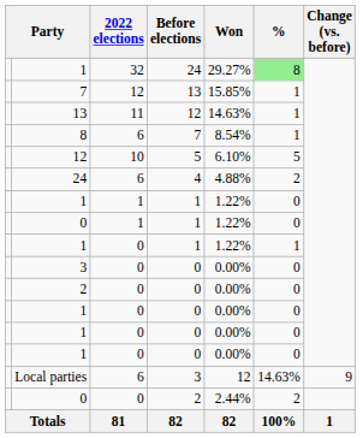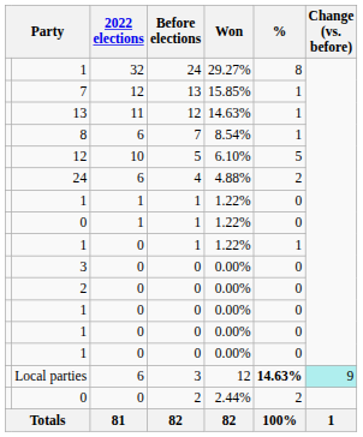 <table class=wikitable style="text-align:right">
 <tr>
 <th colspan=2>Party</th>
 <th width=50px><a href='#'>2022 elections</a></th>
 <th width=50px>Before elections</th>
 <th width="50px">Won</th>
 <th width=50px>%</th>
 <th width=50px>Change (vs. before)</th>
 </tr>
 <tr>
 <td></td>
 <td>1</td>
 <td>32</td>
 <td>24</td>
 <td>29.27%</td>
-<td style="background: lightgreen;"> 8</td>
+<td> 8</td>
 </tr>
 <tr>
 <td></td>
 <td>7</td>
 <td>12</td>
 <td>13</td>
 <td>15.85%</td>
 <td> 1</td>
 </tr>
 <tr>
 <td></td>
 <td>13</td>
 <td>11</td>
 <td>12</td>
 <td>14.63%</td>
 <td> 1</td>
 </tr>
 <tr>
 <td></td>
 <td>8</td>
 <td>6</td>
 <td>7</td>
 <td>8.54%</td>
 <td> 1</td>
 </tr>
 <tr>
 <td></td>
 <td>12</td>
 <td>10</td>
 <td>5</td>
 <td>6.10%</td>
 <td> 5</td>
 </tr>
 <tr>
 <td></td>
 <td>24</td>
 <td>6</td>
 <td>4</td>
 <td>4.88%</td>
 <td> 2</td>
 </tr>
 <tr>
 <td></td>
 <td>1</td>
 <td>1</td>
 <td>1</td>
 <td>1.22%</td>
 <td> 0</td>
 </tr>
 <tr>
 <td></td>
 <td>0</td>
 <td>1</td>
 <td>1</td>
 <td>1.22%</td>
 <td> 0</td>
 </tr>
 <tr>
 <td></td>
 <td>1</td>
 <td>0</td>
 <td>1</td>
 <td>1.22%</td>
 <td> 1</td>
 </tr>
 <tr>
 <td></td>
 <td>3</td>
 <td>0</td>
 <td>0</td>
 <td>0.00%</td>
 <td> 0</td>
 </tr>
 <tr>
 <td></td>
 <td>2</td>
 <td>0</td>
 <td>0</td>
 <td>0.00%</td>
 <td> 0</td>
 </tr>
 <tr>
 <td></td>
 <td>1</td>
 <td>0</td>
 <td>0</td>
 <td>0.00%</td>
 <td> 0</td>
 </tr>
 <tr>
 <td></td>
 <td>1</td>
 <td>0</td>
 <td>0</td>
 <td>0.00%</td>
 <td> 0</td>
 </tr>
 <tr>
 <td></td>
 <td>1</td>
 <td>0</td>
 <td>0</td>
 <td>0.00%</td>
 <td> 0</td>
 </tr>
 <tr>
 <td></td>
 <td align=left>Local parties</td>
 <td>6</td>
 <td>3</td>
 <td>12</td>
-<td>14.63%</td>
-<td> 9</td>
+<td><strong>14.63%</strong></td>
+<td style="background: paleturquoise;"> 9</td>
 </tr>
 <tr>
 <td></td>
 <td>0</td>
 <td>0</td>
 <td>2</td>
 <td>2.44%</td>
 <td> 2</td>
 </tr>
 <tr>
 <th colspan=2>Totals</th>
 <th>81</th>
 <th>82</th>
 <th>82</th>
 <th>100%</th>
 <th> 1</th>
 </tr>
 </table>
